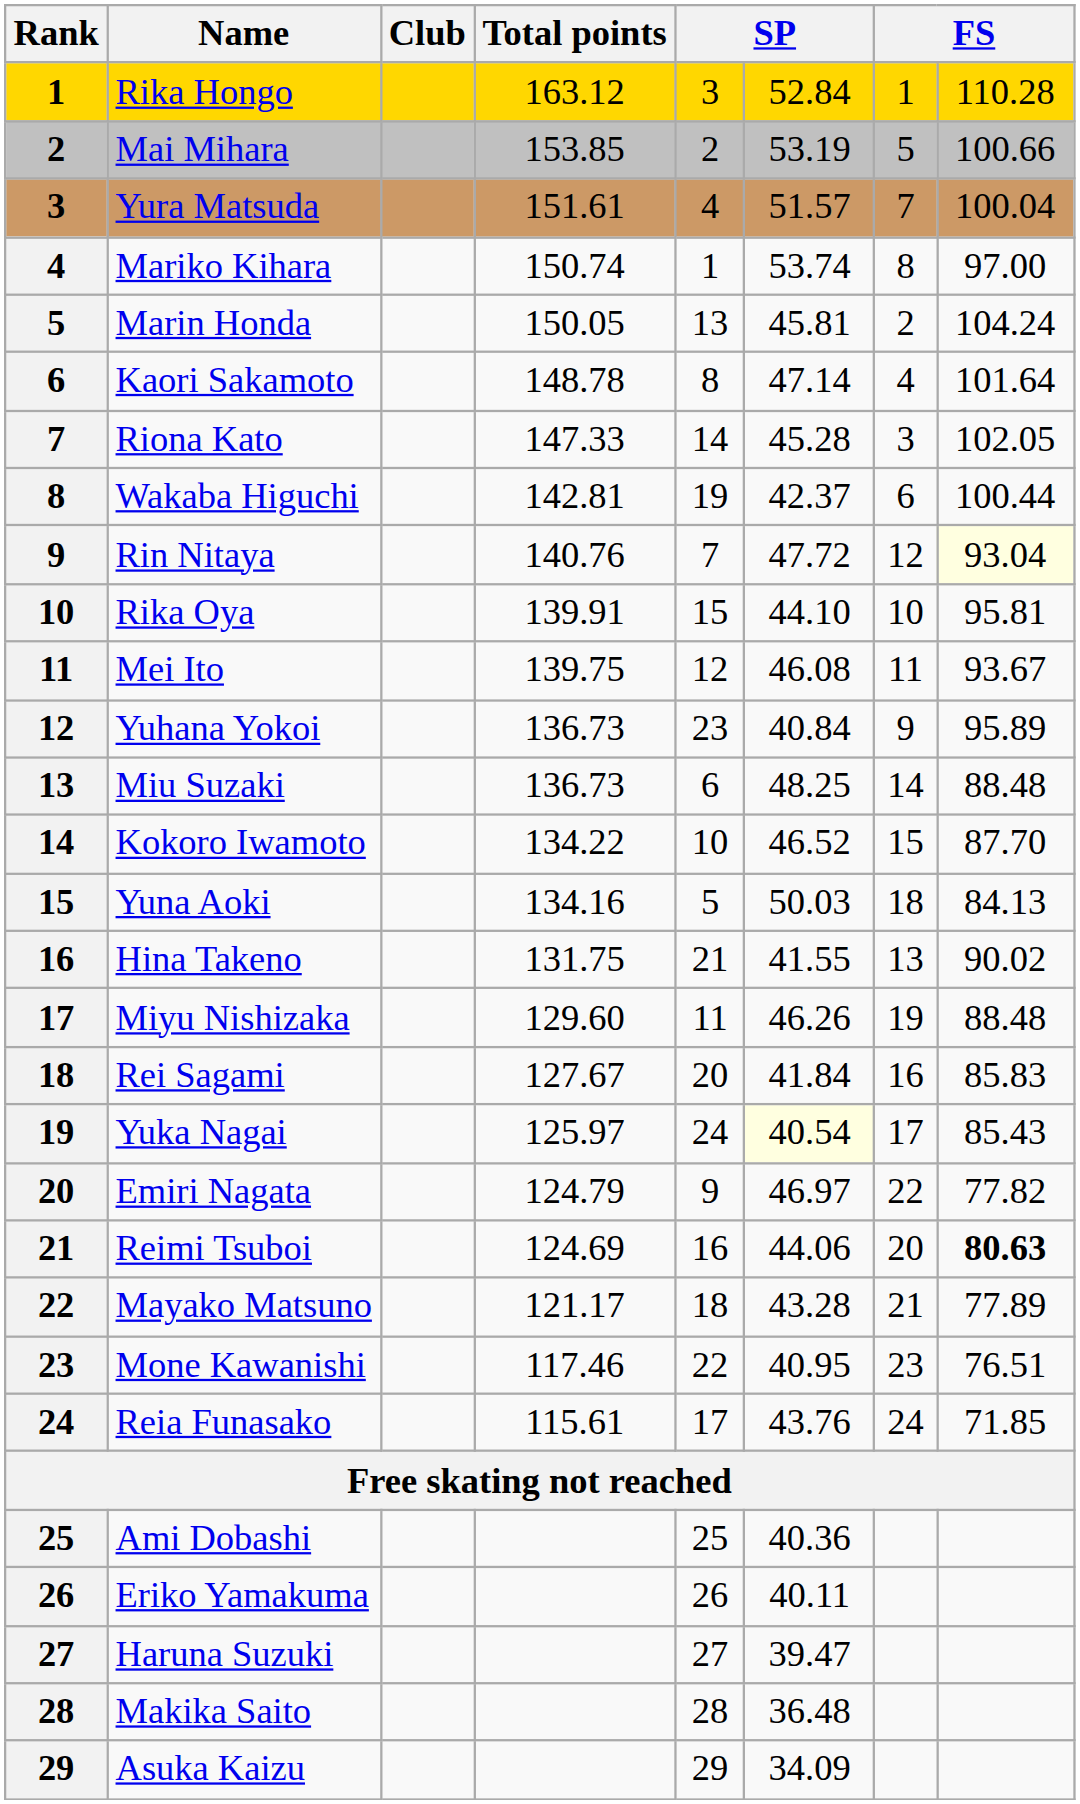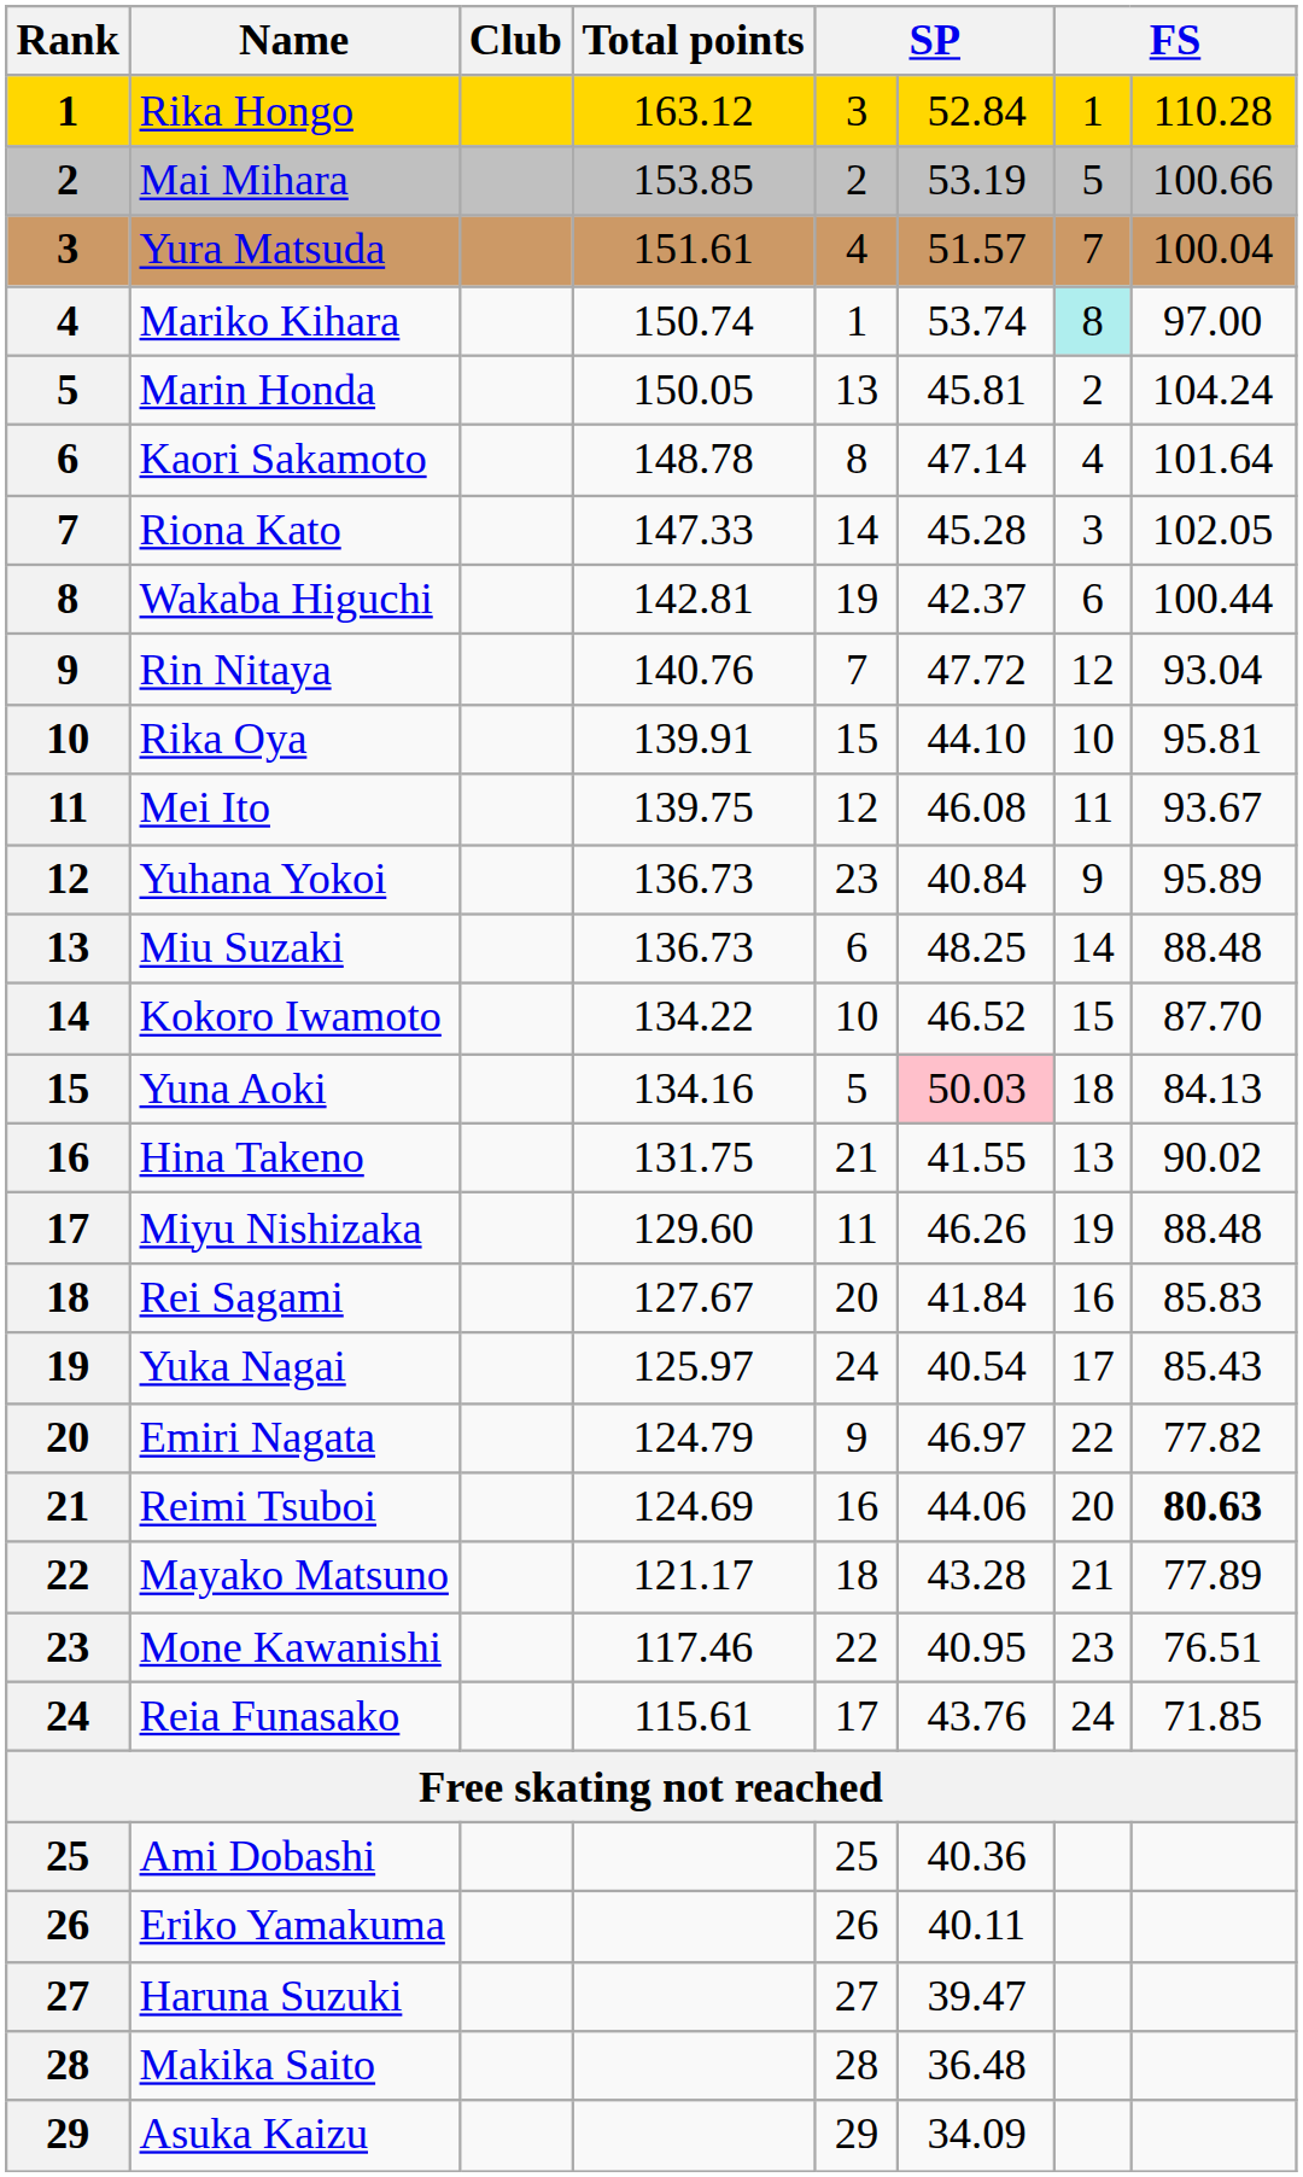 <table class="wikitable sortable">
 <tr>
 <th>Rank</th>
 <th>Name</th>
 <th>Club</th>
 <th>Total points</th>
 <th colspan="2" width="80px"><a href='#'>SP</a></th>
 <th colspan="2" width="80px"><a href='#'>FS</a></th>
 </tr>
 <tr bgcolor="gold">
 <td align="center"><strong>1</strong></td>
 <td><a href='#'>Rika Hongo</a></td>
 <td></td>
 <td align="center">163.12</td>
 <td align="center">3</td>
 <td align="center">52.84</td>
 <td align="center">1</td>
 <td align="center">110.28</td>
 </tr>
 <tr bgcolor="silver">
 <td align="center"><strong>2</strong></td>
 <td><a href='#'>Mai Mihara</a></td>
 <td></td>
 <td align="center">153.85</td>
 <td align="center">2</td>
 <td align="center">53.19</td>
 <td align="center">5</td>
 <td align="center">100.66</td>
 </tr>
 <tr bgcolor="cc9966">
 <td align="center"><strong>3</strong></td>
 <td><a href='#'>Yura Matsuda</a></td>
 <td></td>
 <td align="center">151.61</td>
 <td align="center">4</td>
 <td align="center">51.57</td>
 <td align="center">7</td>
 <td align="center">100.04</td>
 </tr>
 <tr>
 <th>4</th>
 <td><a href='#'>Mariko Kihara</a></td>
 <td></td>
 <td align="center">150.74</td>
 <td align="center">1</td>
 <td align="center">53.74</td>
-<td align="center">8</td>
+<td align="center" style="background: paleturquoise;">8</td>
 <td align="center">97.00</td>
 </tr>
 <tr>
 <th>5</th>
 <td><a href='#'>Marin Honda</a></td>
 <td></td>
 <td align="center">150.05</td>
 <td align="center">13</td>
 <td align="center">45.81</td>
 <td align="center">2</td>
 <td align="center">104.24</td>
 </tr>
 <tr>
 <th>6</th>
 <td><a href='#'>Kaori Sakamoto</a></td>
 <td></td>
 <td align="center">148.78</td>
 <td align="center">8</td>
 <td align="center">47.14</td>
 <td align="center">4</td>
 <td align="center">101.64</td>
 </tr>
 <tr>
 <th>7</th>
 <td><a href='#'>Riona Kato</a></td>
 <td></td>
 <td align="center">147.33</td>
 <td align="center">14</td>
 <td align="center">45.28</td>
 <td align="center">3</td>
 <td align="center">102.05</td>
 </tr>
 <tr>
 <th>8</th>
 <td><a href='#'>Wakaba Higuchi</a></td>
 <td></td>
 <td align="center">142.81</td>
 <td align="center">19</td>
 <td align="center">42.37</td>
 <td align="center">6</td>
 <td align="center">100.44</td>
 </tr>
 <tr>
 <th>9</th>
 <td><a href='#'>Rin Nitaya</a></td>
 <td></td>
 <td align="center">140.76</td>
 <td align="center">7</td>
 <td align="center">47.72</td>
 <td align="center">12</td>
-<td align="center" style="background: lightyellow;">93.04</td>
+<td align="center">93.04</td>
 </tr>
 <tr>
 <th>10</th>
 <td><a href='#'>Rika Oya</a></td>
 <td></td>
 <td align="center">139.91</td>
 <td align="center">15</td>
 <td align="center">44.10</td>
 <td align="center">10</td>
 <td align="center">95.81</td>
 </tr>
 <tr>
 <th>11</th>
 <td><a href='#'>Mei Ito</a></td>
 <td></td>
 <td align="center">139.75</td>
 <td align="center">12</td>
 <td align="center">46.08</td>
 <td align="center">11</td>
 <td align="center">93.67</td>
 </tr>
 <tr>
 <th>12</th>
 <td><a href='#'>Yuhana Yokoi</a></td>
 <td></td>
 <td align="center">136.73</td>
 <td align="center">23</td>
 <td align="center">40.84</td>
 <td align="center">9</td>
 <td align="center">95.89</td>
 </tr>
 <tr>
 <th>13</th>
 <td><a href='#'>Miu Suzaki</a></td>
 <td></td>
 <td align="center">136.73</td>
 <td align="center">6</td>
 <td align="center">48.25</td>
 <td align="center">14</td>
 <td align="center">88.48</td>
 </tr>
 <tr>
 <th>14</th>
 <td><a href='#'>Kokoro Iwamoto</a></td>
 <td></td>
 <td align="center">134.22</td>
 <td align="center">10</td>
 <td align="center">46.52</td>
 <td align="center">15</td>
 <td align="center">87.70</td>
 </tr>
 <tr>
 <th>15</th>
 <td><a href='#'>Yuna Aoki</a></td>
 <td></td>
 <td align="center">134.16</td>
 <td align="center">5</td>
-<td align="center">50.03</td>
+<td align="center" style="background: pink;">50.03</td>
 <td align="center">18</td>
 <td align="center">84.13</td>
 </tr>
 <tr>
 <th>16</th>
 <td><a href='#'>Hina Takeno</a></td>
 <td></td>
 <td align="center">131.75</td>
 <td align="center">21</td>
 <td align="center">41.55</td>
 <td align="center">13</td>
 <td align="center">90.02</td>
 </tr>
 <tr>
 <th>17</th>
 <td><a href='#'>Miyu Nishizaka</a></td>
 <td></td>
 <td align="center">129.60</td>
 <td align="center">11</td>
 <td align="center">46.26</td>
 <td align="center">19</td>
 <td align="center">88.48</td>
 </tr>
 <tr>
 <th>18</th>
 <td><a href='#'>Rei Sagami</a></td>
 <td></td>
 <td align="center">127.67</td>
 <td align="center">20</td>
 <td align="center">41.84</td>
 <td align="center">16</td>
 <td align="center">85.83</td>
 </tr>
 <tr>
 <th>19</th>
 <td><a href='#'>Yuka Nagai</a></td>
 <td></td>
 <td align="center">125.97</td>
 <td align="center">24</td>
-<td align="center" style="background: lightyellow;">40.54</td>
+<td align="center">40.54</td>
 <td align="center">17</td>
 <td align="center">85.43</td>
 </tr>
 <tr>
 <th>20</th>
 <td><a href='#'>Emiri Nagata</a></td>
 <td></td>
 <td align="center">124.79</td>
 <td align="center">9</td>
 <td align="center">46.97</td>
 <td align="center">22</td>
 <td align="center">77.82</td>
 </tr>
 <tr>
 <th>21</th>
 <td><a href='#'>Reimi Tsuboi</a></td>
 <td></td>
 <td align="center">124.69</td>
 <td align="center">16</td>
 <td align="center">44.06</td>
 <td align="center">20</td>
 <td align="center"><strong>80.63</strong></td>
 </tr>
 <tr>
 <th>22</th>
 <td><a href='#'>Mayako Matsuno</a></td>
 <td></td>
 <td align="center">121.17</td>
 <td align="center">18</td>
 <td align="center">43.28</td>
 <td align="center">21</td>
 <td align="center">77.89</td>
 </tr>
 <tr>
 <th>23</th>
 <td><a href='#'>Mone Kawanishi</a></td>
 <td></td>
 <td align="center">117.46</td>
 <td align="center">22</td>
 <td align="center">40.95</td>
 <td align="center">23</td>
 <td align="center">76.51</td>
 </tr>
 <tr>
 <th>24</th>
 <td><a href='#'>Reia Funasako</a></td>
 <td></td>
 <td align="center">115.61</td>
 <td align="center">17</td>
 <td align="center">43.76</td>
 <td align="center">24</td>
 <td align="center">71.85</td>
 </tr>
 <tr>
 <th colspan=8>Free skating not reached</th>
 </tr>
 <tr>
 <th>25</th>
 <td><a href='#'>Ami Dobashi</a></td>
 <td></td>
 <td></td>
 <td align="center">25</td>
 <td align="center">40.36</td>
 <td></td>
 <td></td>
 </tr>
 <tr>
 <th>26</th>
 <td><a href='#'>Eriko Yamakuma</a></td>
 <td></td>
 <td></td>
 <td align="center">26</td>
 <td align="center">40.11</td>
 <td></td>
 <td></td>
 </tr>
 <tr>
 <th>27</th>
 <td><a href='#'>Haruna Suzuki</a></td>
 <td></td>
 <td></td>
 <td align="center">27</td>
 <td align="center">39.47</td>
 <td></td>
 <td></td>
 </tr>
 <tr>
 <th>28</th>
 <td><a href='#'>Makika Saito</a></td>
 <td></td>
 <td></td>
 <td align="center">28</td>
 <td align="center">36.48</td>
 <td></td>
 <td></td>
 </tr>
 <tr>
 <th>29</th>
 <td><a href='#'>Asuka Kaizu</a></td>
 <td></td>
 <td></td>
 <td align="center">29</td>
 <td align="center">34.09</td>
 <td></td>
 <td></td>
 </tr>
 </table>
